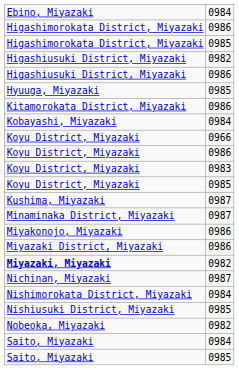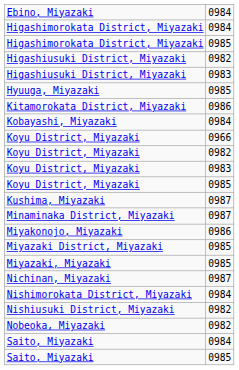 <table class="wikitable">
 <tr>
 <td><a href='#'>Ebino, Miyazaki</a></td>
 <td>0984</td>
 </tr>
 <tr>
 <td><a href='#'>Higashimorokata District, Miyazaki</a></td>
-<td>0986</td>
+<td>0984</td>
 </tr>
 <tr>
 <td><a href='#'>Higashimorokata District, Miyazaki</a></td>
 <td>0985</td>
 </tr>
 <tr>
 <td><a href='#'>Higashiusuki District, Miyazaki</a></td>
 <td>0982</td>
 </tr>
 <tr>
 <td><a href='#'>Higashiusuki District, Miyazaki</a></td>
-<td>0986</td>
+<td>0983</td>
 </tr>
 <tr>
 <td><a href='#'>Hyuuga, Miyazaki</a></td>
 <td>0985</td>
 </tr>
 <tr>
 <td><a href='#'>Kitamorokata District, Miyazaki</a></td>
 <td>0986</td>
 </tr>
 <tr>
 <td><a href='#'>Kobayashi, Miyazaki</a></td>
 <td>0984</td>
 </tr>
 <tr>
 <td><a href='#'>Koyu District, Miyazaki</a></td>
 <td>0966</td>
 </tr>
 <tr>
 <td><a href='#'>Koyu District, Miyazaki</a></td>
-<td>0986</td>
+<td>0982</td>
 </tr>
 <tr>
 <td><a href='#'>Koyu District, Miyazaki</a></td>
 <td>0983</td>
 </tr>
 <tr>
 <td><a href='#'>Koyu District, Miyazaki</a></td>
 <td>0985</td>
 </tr>
 <tr>
 <td><a href='#'>Kushima, Miyazaki</a></td>
 <td>0987</td>
 </tr>
 <tr>
 <td><a href='#'>Minaminaka District, Miyazaki</a></td>
 <td>0987</td>
 </tr>
 <tr>
 <td><a href='#'>Miyakonojo, Miyazaki</a></td>
 <td>0986</td>
 </tr>
 <tr>
 <td><a href='#'>Miyazaki District, Miyazaki</a></td>
-<td>0986</td>
+<td>0985</td>
 </tr>
 <tr>
-<td><strong><a href='#'>Miyazaki, Miyazaki</a></strong></td>
-<td>0982</td>
+<td><a href='#'>Miyazaki, Miyazaki</a></td>
+<td>0985</td>
 </tr>
 <tr>
 <td><a href='#'>Nichinan, Miyazaki</a></td>
 <td>0987</td>
 </tr>
 <tr>
 <td><a href='#'>Nishimorokata District, Miyazaki</a></td>
 <td>0984</td>
 </tr>
 <tr>
 <td><a href='#'>Nishiusuki District, Miyazaki</a></td>
-<td>0985</td>
+<td>0982</td>
 </tr>
 <tr>
 <td><a href='#'>Nobeoka, Miyazaki</a></td>
 <td>0982</td>
 </tr>
 <tr>
 <td><a href='#'>Saito, Miyazaki</a></td>
 <td>0984</td>
 </tr>
 <tr>
 <td><a href='#'>Saito, Miyazaki</a></td>
 <td>0985</td>
 </tr>
 </table>
